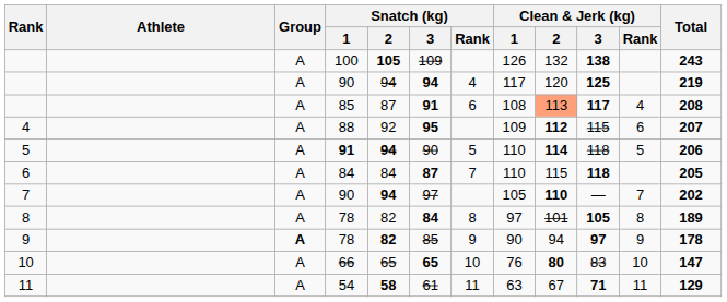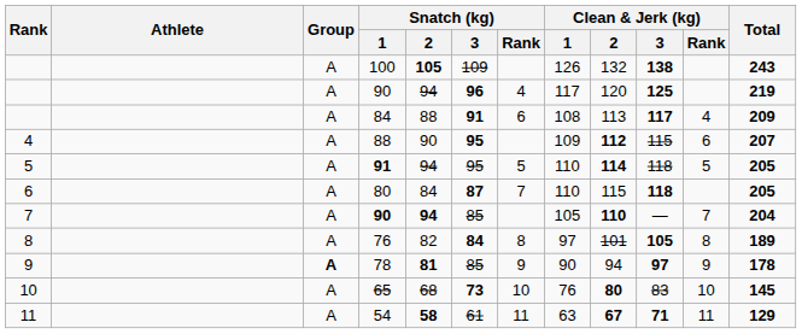 <table class = "wikitable" style="text-align:center;">
 <tr>
 <th rowspan=2 width=40>Rank</th>
 <th rowspan=2 width=250>Athlete</th>
 <th rowspan=2 width=50>Group</th>
 <th colspan=4>Snatch (kg)</th>
 <th colspan=4>Clean & Jerk (kg)</th>
 <th rowspan=2 width=60>Total</th>
 </tr>
 <tr>
 <th width=40>1</th>
 <th width=40>2</th>
 <th width=40>3</th>
 <th width=40>Rank</th>
 <th width=40>1</th>
 <th width=40>2</th>
 <th width=40>3</th>
 <th width=40>Rank</th>
 </tr>
 <tr>
 <td></td>
 <td align=left></td>
 <td>A</td>
 <td>100</td>
 <td><strong>105</strong></td>
 <td><s>109</s></td>
 <td></td>
 <td>126</td>
 <td>132</td>
 <td><strong>138</strong></td>
 <td></td>
 <td><strong>243</strong></td>
 </tr>
 <tr>
 <td></td>
 <td align=left></td>
 <td>A</td>
 <td>90</td>
 <td><s>94</s></td>
-<td><strong>94</strong></td>
+<td><strong>96</strong></td>
 <td>4</td>
 <td>117</td>
 <td>120</td>
 <td><strong>125</strong></td>
 <td></td>
 <td><strong>219</strong></td>
 </tr>
 <tr>
 <td></td>
 <td align=left></td>
 <td>A</td>
-<td>85</td>
-<td>87</td>
+<td>84</td>
+<td>88</td>
 <td><strong>91</strong></td>
 <td>6</td>
 <td>108</td>
-<td style="background: lightsalmon;">113</td>
+<td>113</td>
 <td><strong>117</strong></td>
 <td>4</td>
-<td><strong>208</strong></td>
+<td><strong>209</strong></td>
 </tr>
 <tr>
 <td>4</td>
 <td align=left></td>
 <td>A</td>
 <td>88</td>
-<td>92</td>
+<td>90</td>
 <td><strong>95</strong></td>
 <td></td>
 <td>109</td>
 <td><strong>112</strong></td>
 <td><s>115</s></td>
 <td>6</td>
 <td><strong>207</strong></td>
 </tr>
 <tr>
 <td>5</td>
 <td align=left></td>
 <td>A</td>
 <td><strong>91</strong></td>
-<td><strong><s>94</s></strong></td>
-<td><s>90</s></td>
+<td><s>94</s></td>
+<td><s>95</s></td>
 <td>5</td>
 <td>110</td>
 <td><strong>114</strong></td>
 <td><s>118</s></td>
 <td>5</td>
-<td><strong>206</strong></td>
+<td><strong>205</strong></td>
 </tr>
 <tr>
 <td>6</td>
 <td align=left></td>
 <td>A</td>
-<td>84</td>
+<td>80</td>
 <td>84</td>
 <td><strong>87</strong></td>
 <td>7</td>
 <td>110</td>
 <td>115</td>
 <td><strong>118</strong></td>
 <td></td>
 <td><strong>205</strong></td>
 </tr>
 <tr>
 <td>7</td>
 <td align=left></td>
 <td>A</td>
-<td>90</td>
+<td><strong>90</strong></td>
 <td><strong>94</strong></td>
-<td><s>97</s></td>
+<td><s>85</s></td>
 <td></td>
 <td>105</td>
 <td><strong>110</strong></td>
 <td>—</td>
 <td>7</td>
-<td><strong>202</strong></td>
+<td><strong>204</strong></td>
 </tr>
 <tr>
 <td>8</td>
 <td align=left></td>
 <td>A</td>
-<td>78</td>
+<td>76</td>
 <td>82</td>
 <td><strong>84</strong></td>
 <td>8</td>
 <td>97</td>
 <td><s>101</s></td>
 <td><strong>105</strong></td>
 <td>8</td>
 <td><strong>189</strong></td>
 </tr>
 <tr>
 <td>9</td>
 <td align=left></td>
 <td><strong>A</strong></td>
 <td>78</td>
-<td><strong>82</strong></td>
+<td><strong>81</strong></td>
 <td><s>85</s></td>
 <td>9</td>
 <td>90</td>
 <td>94</td>
 <td><strong>97</strong></td>
 <td>9</td>
 <td><strong>178</strong></td>
 </tr>
 <tr>
 <td>10</td>
 <td align=left></td>
 <td>A</td>
-<td><s>66</s></td>
 <td><s>65</s></td>
-<td><strong>65</strong></td>
+<td><s>68</s></td>
+<td><strong>73</strong></td>
 <td>10</td>
 <td>76</td>
 <td><strong>80</strong></td>
 <td><s>83</s></td>
 <td>10</td>
-<td><strong>147</strong></td>
+<td><strong>145</strong></td>
 </tr>
 <tr>
 <td>11</td>
 <td align=left></td>
 <td>A</td>
 <td>54</td>
 <td><strong>58</strong></td>
 <td><s>61</s></td>
 <td>11</td>
 <td>63</td>
-<td>67</td>
+<td><strong>67</strong></td>
 <td><strong>71</strong></td>
 <td>11</td>
 <td><strong>129</strong></td>
 </tr>
 </table>
